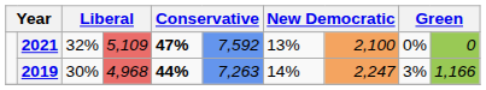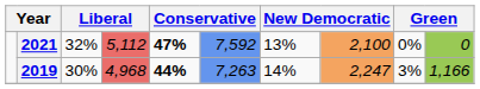 <table class="wikitable" style="float:right; width:400; font-size:90%; margin-left:1em;">
 <tr>
 <th colspan="2" scope="col">Year</th>
 <th colspan="2" scope="col"><a href='#'>Liberal</a></th>
 <th colspan="2" scope="col"><a href='#'>Conservative</a></th>
 <th colspan="2" scope="col"><a href='#'>New Democratic</a></th>
 <th colspan="2" scope="col"><a href='#'>Green</a></th>
 </tr>
 <tr>
 <td rowspan="2" style="width: 0.25em; background-color: "></td>
 <th><a href='#'>2021</a></th>
 <td>32%</td>
-<td style="text-align:right; background:#EA6D6A;"><em>5,109</em></td>
+<td style="text-align:right; background:#EA6D6A;"><em>5,112</em></td>
 <td><strong>47%</strong></td>
 <td style="text-align:right; background:#6495ED;"><em>7,592</em></td>
 <td>13%</td>
 <td style="text-align:right; background:#F4A460;"><em>2,100</em></td>
 <td>0%</td>
 <td style="text-align:right; background:#99C955;"><em>0</em></td>
 </tr>
 <tr>
 <th><a href='#'>2019</a></th>
 <td>30%</td>
 <td style="text-align:right; background:#EA6D6A;"><em>4,968</em></td>
 <td><strong>44%</strong></td>
 <td style="text-align:right; background:#6495ED;"><em>7,263</em></td>
 <td>14%</td>
 <td style="text-align:right; background:#F4A460;"><em>2,247</em></td>
 <td>3%</td>
 <td style="text-align:right; background:#99C955;"><em>1,166</em></td>
 </tr>
 <tr>
 </tr>
 </table>
